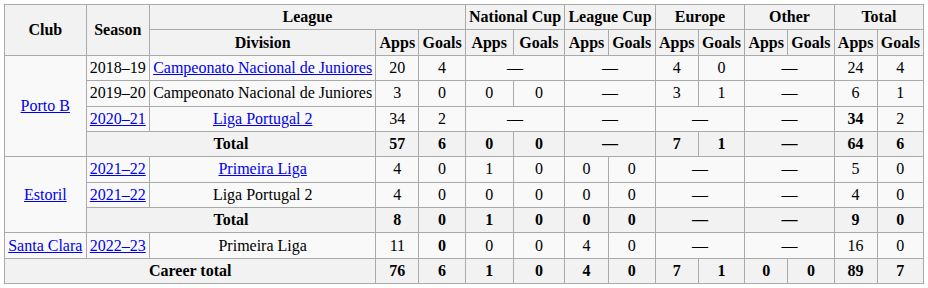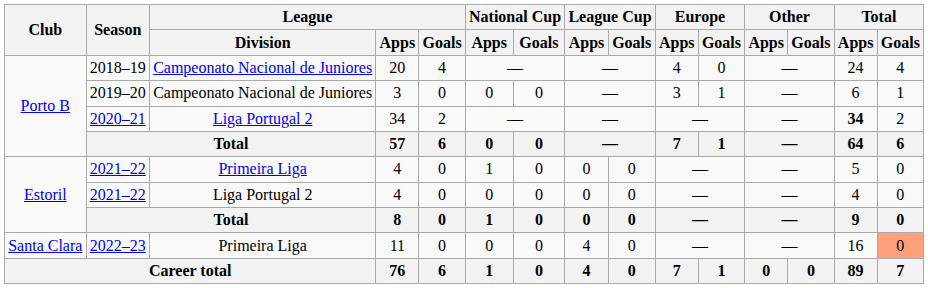 <table class="wikitable" style="text-align:center">
 <tr>
 <th rowspan="2">Club</th>
 <th rowspan="2">Season</th>
 <th colspan="3">League</th>
 <th colspan="2">National Cup</th>
 <th colspan="2">League Cup</th>
 <th colspan="2">Europe</th>
 <th colspan="2">Other</th>
 <th colspan="2">Total</th>
 </tr>
 <tr>
 <th>Division</th>
 <th>Apps</th>
 <th>Goals</th>
 <th>Apps</th>
 <th>Goals</th>
 <th>Apps</th>
 <th>Goals</th>
 <th>Apps</th>
 <th>Goals</th>
 <th>Apps</th>
 <th>Goals</th>
 <th>Apps</th>
 <th>Goals</th>
 </tr>
 <tr>
 <td rowspan="4"><a href='#'>Porto B</a></td>
 <td>2018–19</td>
 <td><a href='#'>Campeonato Nacional de Juniores</a></td>
 <td>20</td>
 <td>4</td>
 <td colspan="2">—</td>
 <td colspan="2">—</td>
 <td>4</td>
 <td>0</td>
 <td colspan="2">—</td>
 <td>24</td>
 <td>4</td>
 </tr>
 <tr>
 <td>2019–20</td>
 <td>Campeonato Nacional de Juniores</td>
 <td>3</td>
 <td>0</td>
 <td>0</td>
 <td>0</td>
 <td colspan="2">—</td>
 <td>3</td>
 <td>1</td>
 <td colspan="2">—</td>
 <td>6</td>
 <td>1</td>
 </tr>
 <tr>
 <td><a href='#'>2020–21</a></td>
 <td><a href='#'>Liga Portugal 2</a></td>
 <td>34</td>
 <td>2</td>
 <td colspan="2">—</td>
 <td colspan="2">—</td>
 <td colspan="2">—</td>
 <td colspan="2">—</td>
 <td><strong>34</strong></td>
 <td>2</td>
 </tr>
 <tr>
 <th colspan="2">Total</th>
 <th>57</th>
 <th>6</th>
 <th>0</th>
 <th>0</th>
 <th colspan="2">—</th>
 <th>7</th>
 <th>1</th>
 <th colspan="2">—</th>
 <th>64</th>
 <th>6</th>
 </tr>
 <tr>
 <td rowspan="3"><a href='#'>Estoril</a></td>
 <td><a href='#'>2021–22</a></td>
 <td><a href='#'>Primeira Liga</a></td>
 <td>4</td>
 <td>0</td>
 <td>1</td>
 <td>0</td>
 <td>0</td>
 <td>0</td>
 <td colspan="2">—</td>
 <td colspan="2">—</td>
 <td>5</td>
 <td>0</td>
 </tr>
 <tr>
 <td><a href='#'>2021–22</a></td>
 <td>Liga Portugal 2</td>
 <td>4</td>
 <td>0</td>
 <td>0</td>
 <td>0</td>
 <td>0</td>
 <td>0</td>
 <td colspan="2">—</td>
 <td colspan="2">—</td>
 <td>4</td>
 <td>0</td>
 </tr>
 <tr>
 <th colspan="2">Total</th>
 <th>8</th>
 <th>0</th>
 <th>1</th>
 <th>0</th>
 <th>0</th>
 <th>0</th>
 <th colspan="2">—</th>
 <th colspan="2">—</th>
 <th>9</th>
 <th>0</th>
 </tr>
 <tr>
 <td><a href='#'>Santa Clara</a></td>
 <td><a href='#'>2022–23</a></td>
 <td>Primeira Liga</td>
 <td>11</td>
-<td><strong>0</strong></td>
+<td>0</td>
 <td>0</td>
 <td>0</td>
 <td>4</td>
 <td>0</td>
 <td colspan="2">—</td>
 <td colspan="2">—</td>
 <td>16</td>
-<td>0</td>
+<td style="background: lightsalmon;">0</td>
 </tr>
 <tr>
 <th colspan="3">Career total</th>
 <th>76</th>
 <th>6</th>
 <th>1</th>
 <th>0</th>
 <th>4</th>
 <th>0</th>
 <th>7</th>
 <th>1</th>
 <th>0</th>
 <th>0</th>
 <th>89</th>
 <th>7</th>
 </tr>
 </table>
